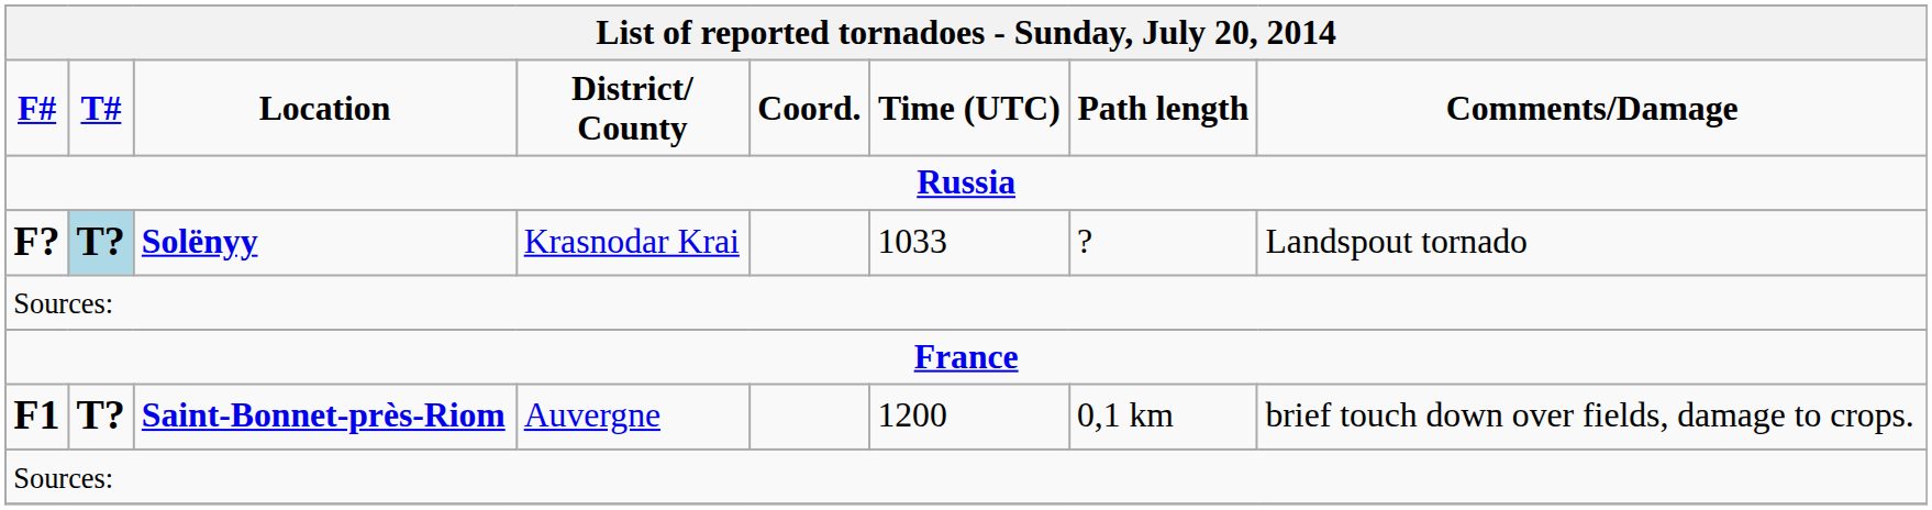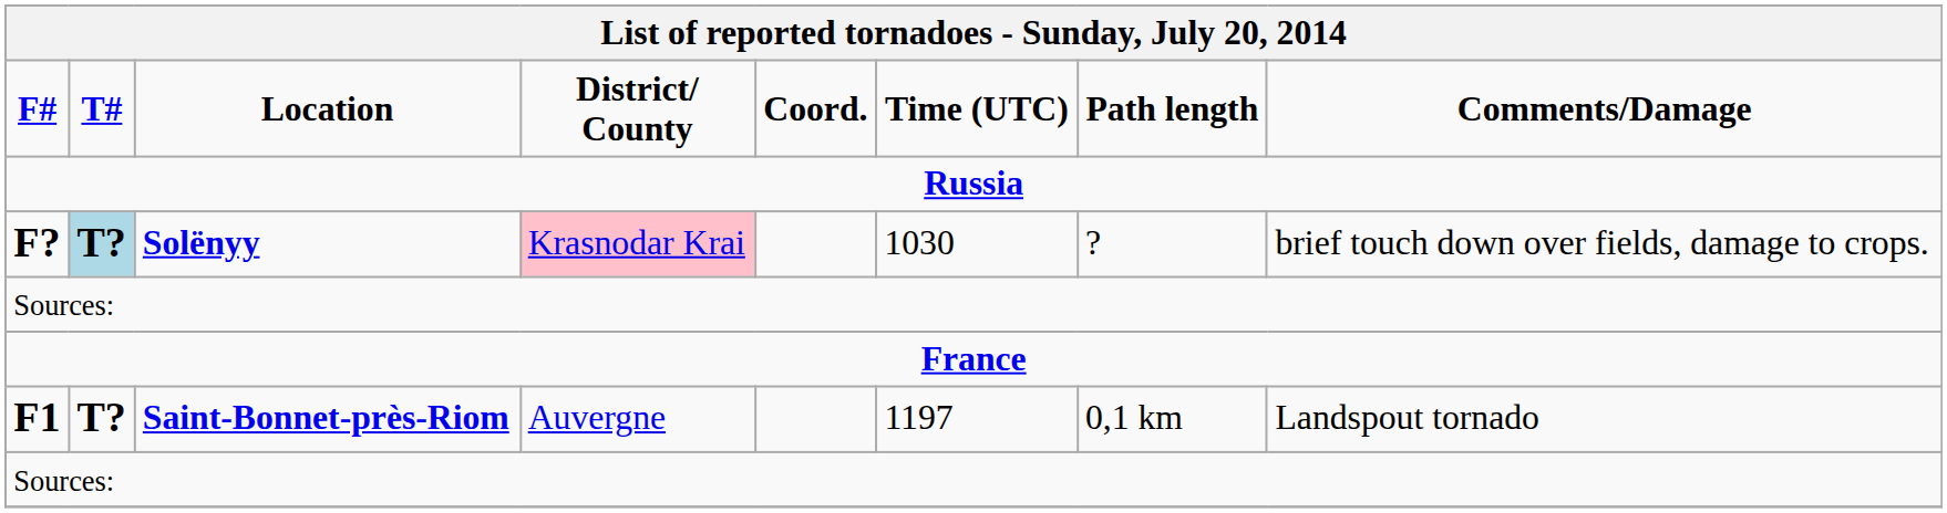 <table class="wikitable collapsible" width="100%">
 <tr>
 <th colspan="8">List of reported tornadoes - Sunday, July 20, 2014</th>
 </tr>
 <tr>
 <td style="text-align: center;"><strong><a href='#'>F#</a></strong></td>
 <td style="text-align: center;"><strong><a href='#'>T#</a></strong></td>
 <td style="text-align: center;"><strong>Location</strong></td>
 <td style="text-align: center;"><strong>District/<br>County</strong></td>
 <td style="text-align: center;"><strong>Coord.</strong></td>
 <td style="text-align: center;"><strong>Time (UTC)</strong></td>
 <td style="text-align: center;"><strong>Path length</strong></td>
 <td style="text-align: center;"><strong>Comments/Damage</strong></td>
 </tr>
 <tr>
 <td colspan="8" align=center><strong><a href='#'>Russia</a></strong></td>
 </tr>
 <tr>
 <td><big><strong>F?</strong></big></td>
 <td style="background: lightblue;"><big><strong>T?</strong></big></td>
 <td><strong><a href='#'>Solënyy</a></strong></td>
-<td><a href='#'>Krasnodar Krai</a></td>
+<td style="background: pink;"><a href='#'>Krasnodar Krai</a></td>
 <td></td>
-<td>1033</td>
+<td>1030</td>
 <td>?</td>
-<td>Landspout tornado</td>
+<td>brief touch down over fields, damage to crops.</td>
 </tr>
 <tr>
 <td colspan="8"><small>Sources:</small></td>
 </tr>
 <tr>
 <td colspan="8" align=center><strong><a href='#'>France</a></strong></td>
 </tr>
 <tr>
 <td><big><strong>F1</strong></big></td>
 <td><big><strong>T?</strong></big></td>
 <td><strong><a href='#'>Saint-Bonnet-près-Riom</a></strong></td>
 <td><a href='#'>Auvergne</a></td>
 <td></td>
-<td>1200</td>
+<td>1197</td>
 <td>0,1 km</td>
-<td>brief touch down over fields, damage to crops.</td>
+<td>Landspout tornado</td>
 </tr>
 <tr>
 <td colspan="8"><small>Sources:</small></td>
 </tr>
 <tr>
 </tr>
 </table>
